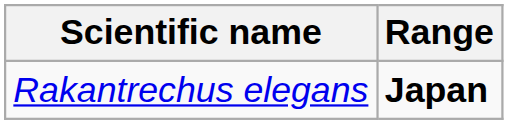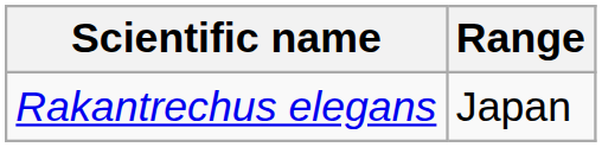 <table class="wikitable">
 <tr>
 <th>Scientific name</th>
 <th>Range</th>
 </tr>
 <tr>
 <td><em><a href='#'>Rakantrechus elegans</a></em></td>
-<td><strong>Japan</strong></td>
+<td>Japan</td>
 </tr>
 </table>
